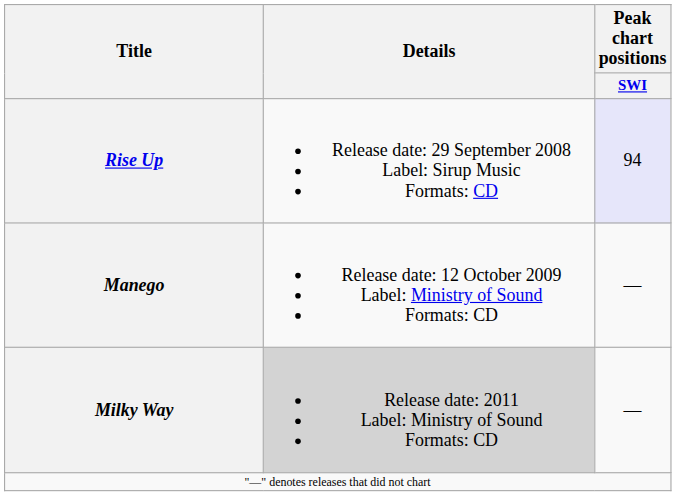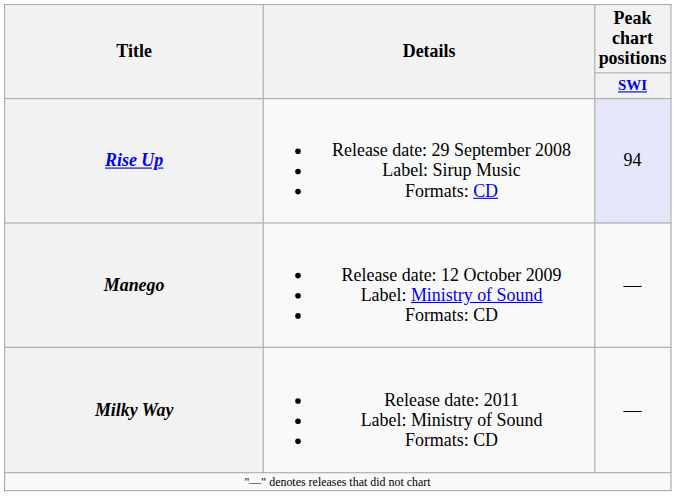 <table class="wikitable plainrowheaders" style="text-align:center;">
 <tr>
 <th rowspan="2" style="width:14em;">Title</th>
 <th rowspan="2" style="width:18em;">Details</th>
 <th colspan="2">Peak chart positions</th>
 </tr>
 <tr style="font-size:smaller;">
 <th style="width:60px;"><a href='#'>SWI</a></th>
 </tr>
 <tr>
 <th scope="row"><em><a href='#'>Rise Up</a></em></th>
 <td><br><ul><li>Release date: 29 September 2008</li><li>Label: Sirup Music</li><li>Formats: <a href='#'>CD</a></li></ul></td>
 <td style="background: lavender;">94</td>
 </tr>
 <tr>
 <th scope="row"><em>Manego</em></th>
 <td><br><ul><li>Release date: 12 October 2009</li><li>Label: <a href='#'>Ministry of Sound</a></li><li>Formats: CD</li></ul></td>
 <td>—</td>
 </tr>
 <tr>
 <th scope="row"><em>Milky Way</em></th>
-<td style="background: lightgrey;"><br><ul><li>Release date: 2011</li><li>Label: Ministry of Sound</li><li>Formats: CD</li></ul></td>
+<td><br><ul><li>Release date: 2011</li><li>Label: Ministry of Sound</li><li>Formats: CD</li></ul></td>
 <td>—</td>
 </tr>
 <tr>
 <td colspan="10" style="font-size:8pt">"—" denotes releases that did not chart</td>
 </tr>
 </table>
